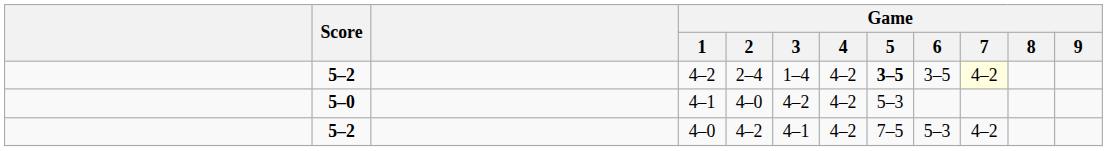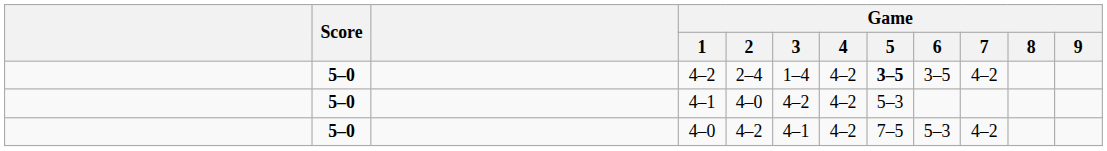 <table class="wikitable" style="text-align: center;">
 <tr>
 <th rowspan=2 align="right" width="270"></th>
 <th rowspan=2 width="45">Score</th>
 <th rowspan=2 align="left" width="270"></th>
 <th colspan=9>Game</th>
 </tr>
 <tr>
 <th width="35">1</th>
 <th width="35">2</th>
 <th width="35">3</th>
 <th width="35">4</th>
 <th width="35">5</th>
 <th width="35">6</th>
 <th width="35">7</th>
 <th width="35">8</th>
 <th width="35">9</th>
 </tr>
 <tr>
 <td align=left><strong><br></strong></td>
-<td align=center><strong>5–2</strong></td>
+<td align=center><strong>5–0</strong></td>
 <td align=left><br></td>
 <td>4–2</td>
 <td>2–4</td>
 <td>1–4</td>
 <td>4–2</td>
 <td><strong>3–5</strong></td>
 <td>3–5</td>
-<td style="background: lightyellow;">4–2</td>
+<td>4–2</td>
 <td></td>
 <td></td>
 </tr>
 <tr>
 <td align=left><strong><br></strong></td>
 <td align=center><strong>5–0</strong></td>
 <td align=left><br></td>
 <td>4–1</td>
 <td>4–0</td>
 <td>4–2</td>
 <td>4–2</td>
 <td>5–3</td>
 <td></td>
 <td></td>
 <td></td>
 <td></td>
 </tr>
 <tr>
 <td align=left><strong><br></strong></td>
-<td align=center><strong>5–2</strong></td>
+<td align=center><strong>5–0</strong></td>
 <td align=left><br></td>
 <td>4–0</td>
 <td>4–2</td>
 <td>4–1</td>
 <td>4–2</td>
 <td>7–5</td>
 <td>5–3</td>
 <td>4–2</td>
 <td></td>
 <td></td>
 </tr>
 </table>
